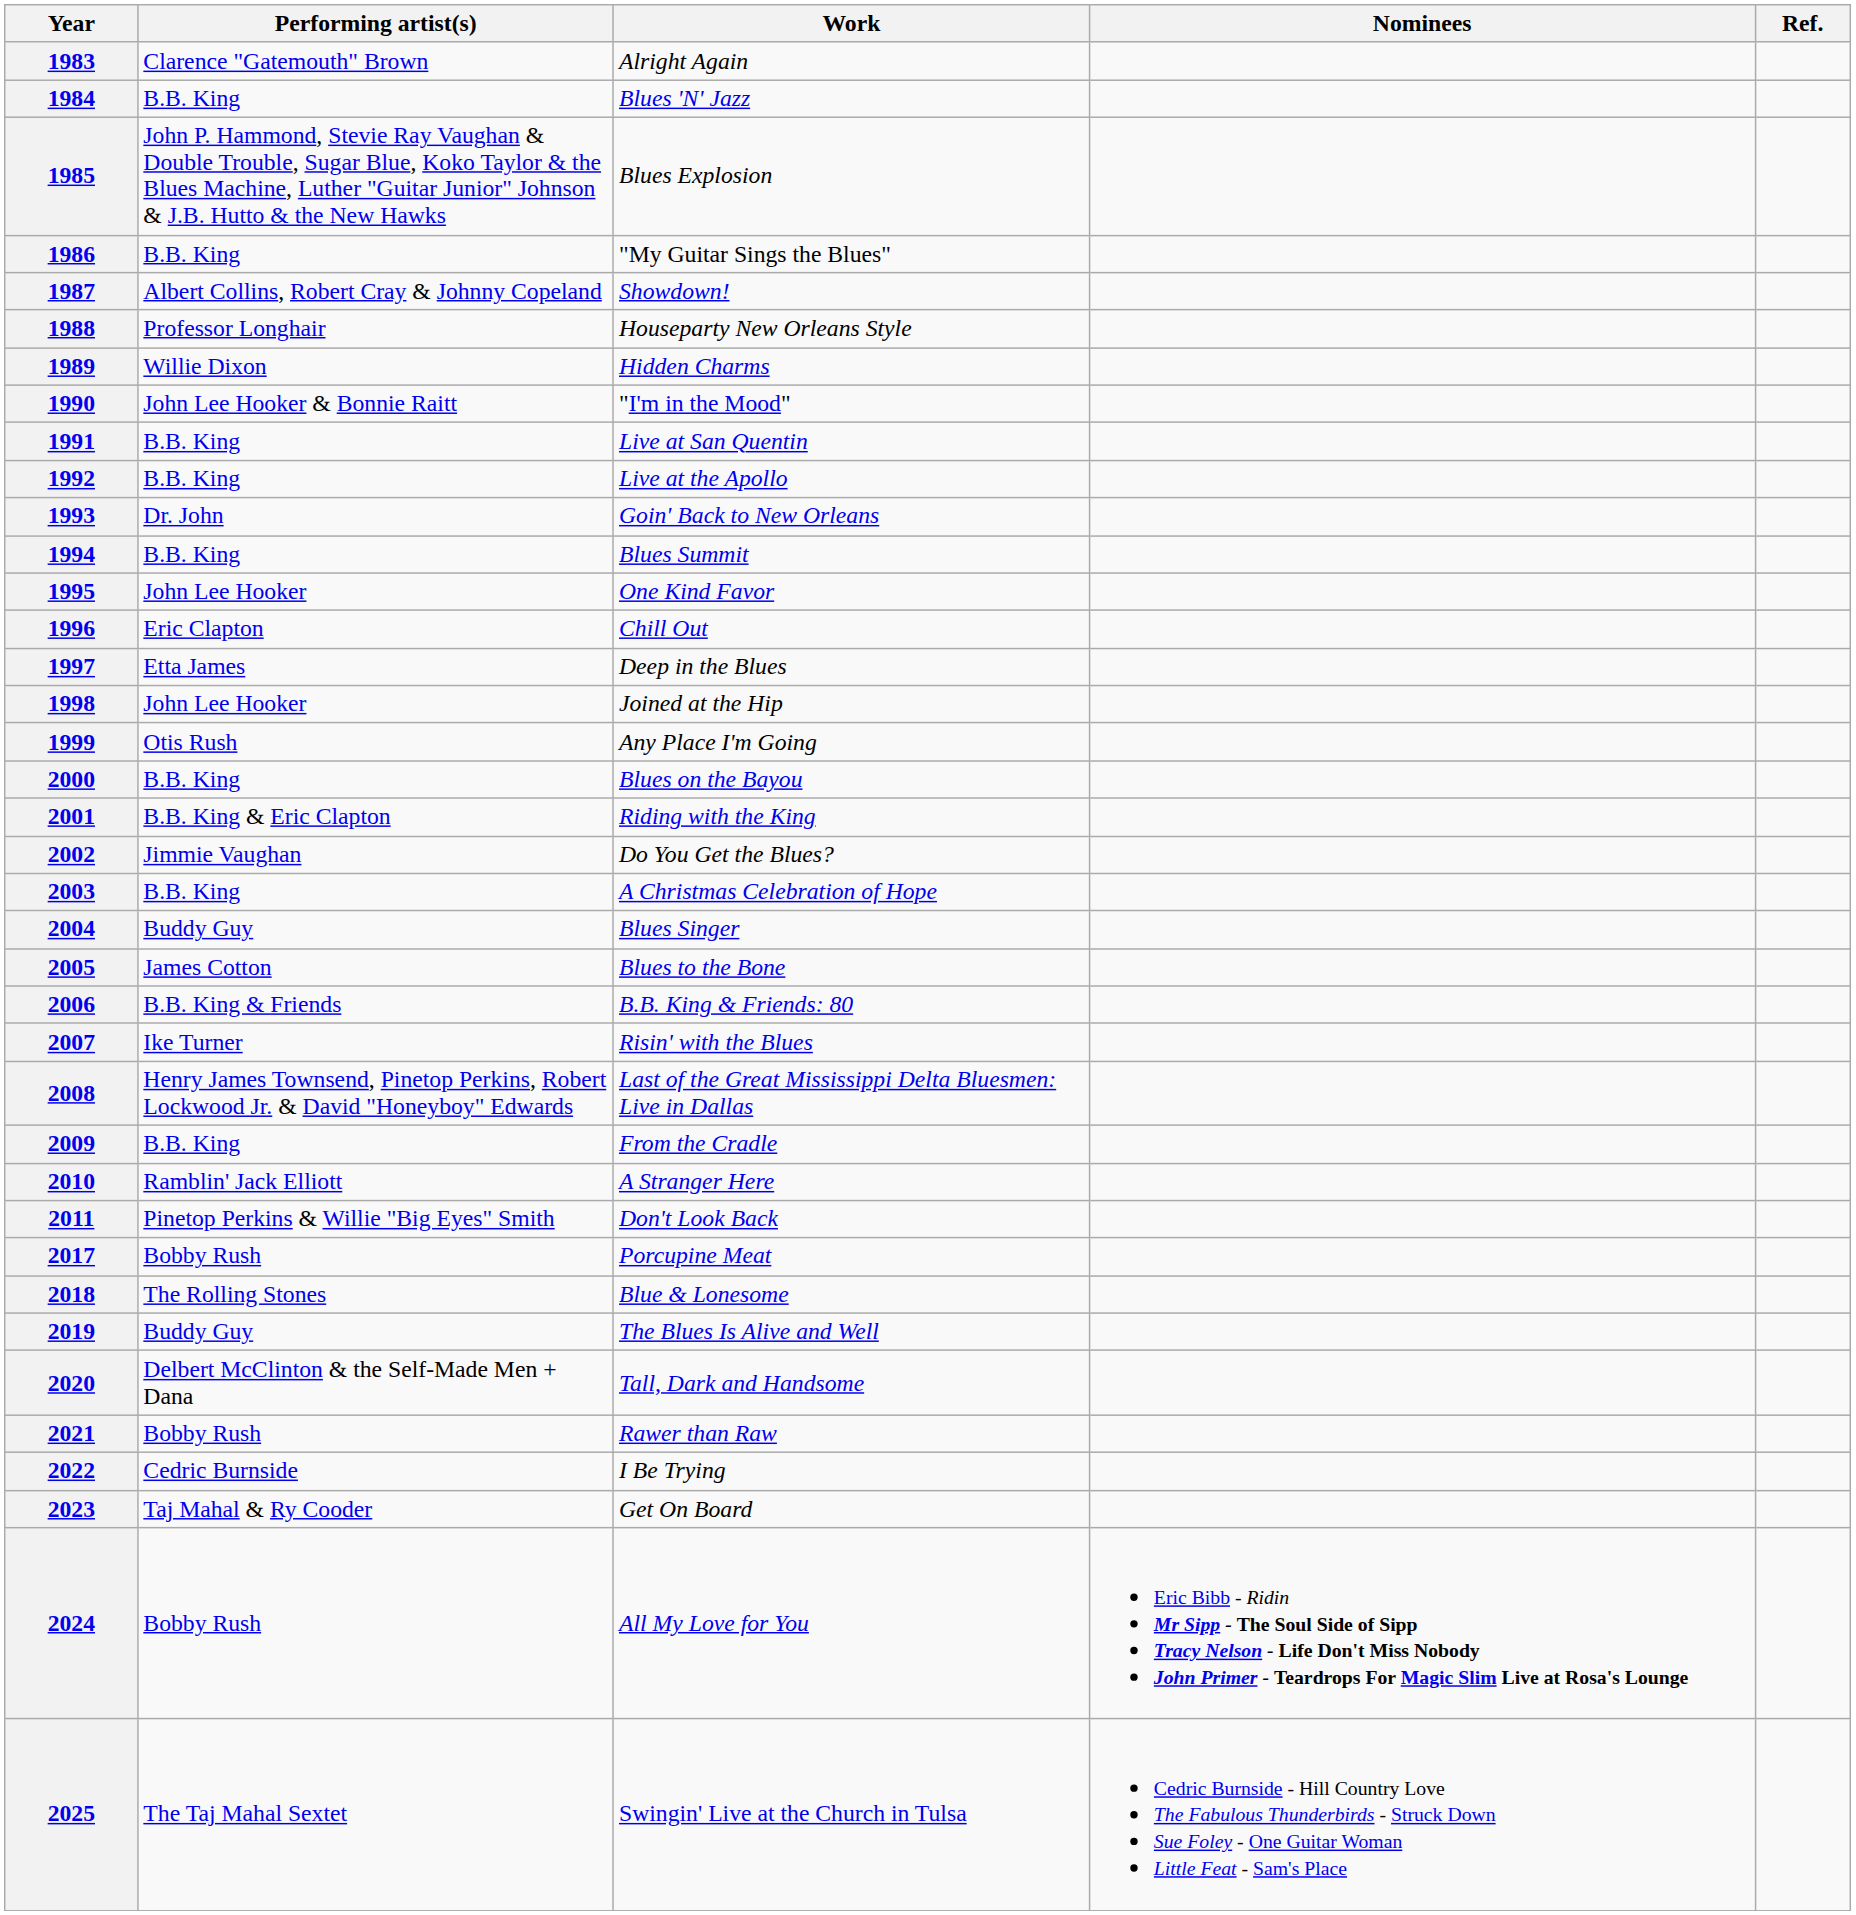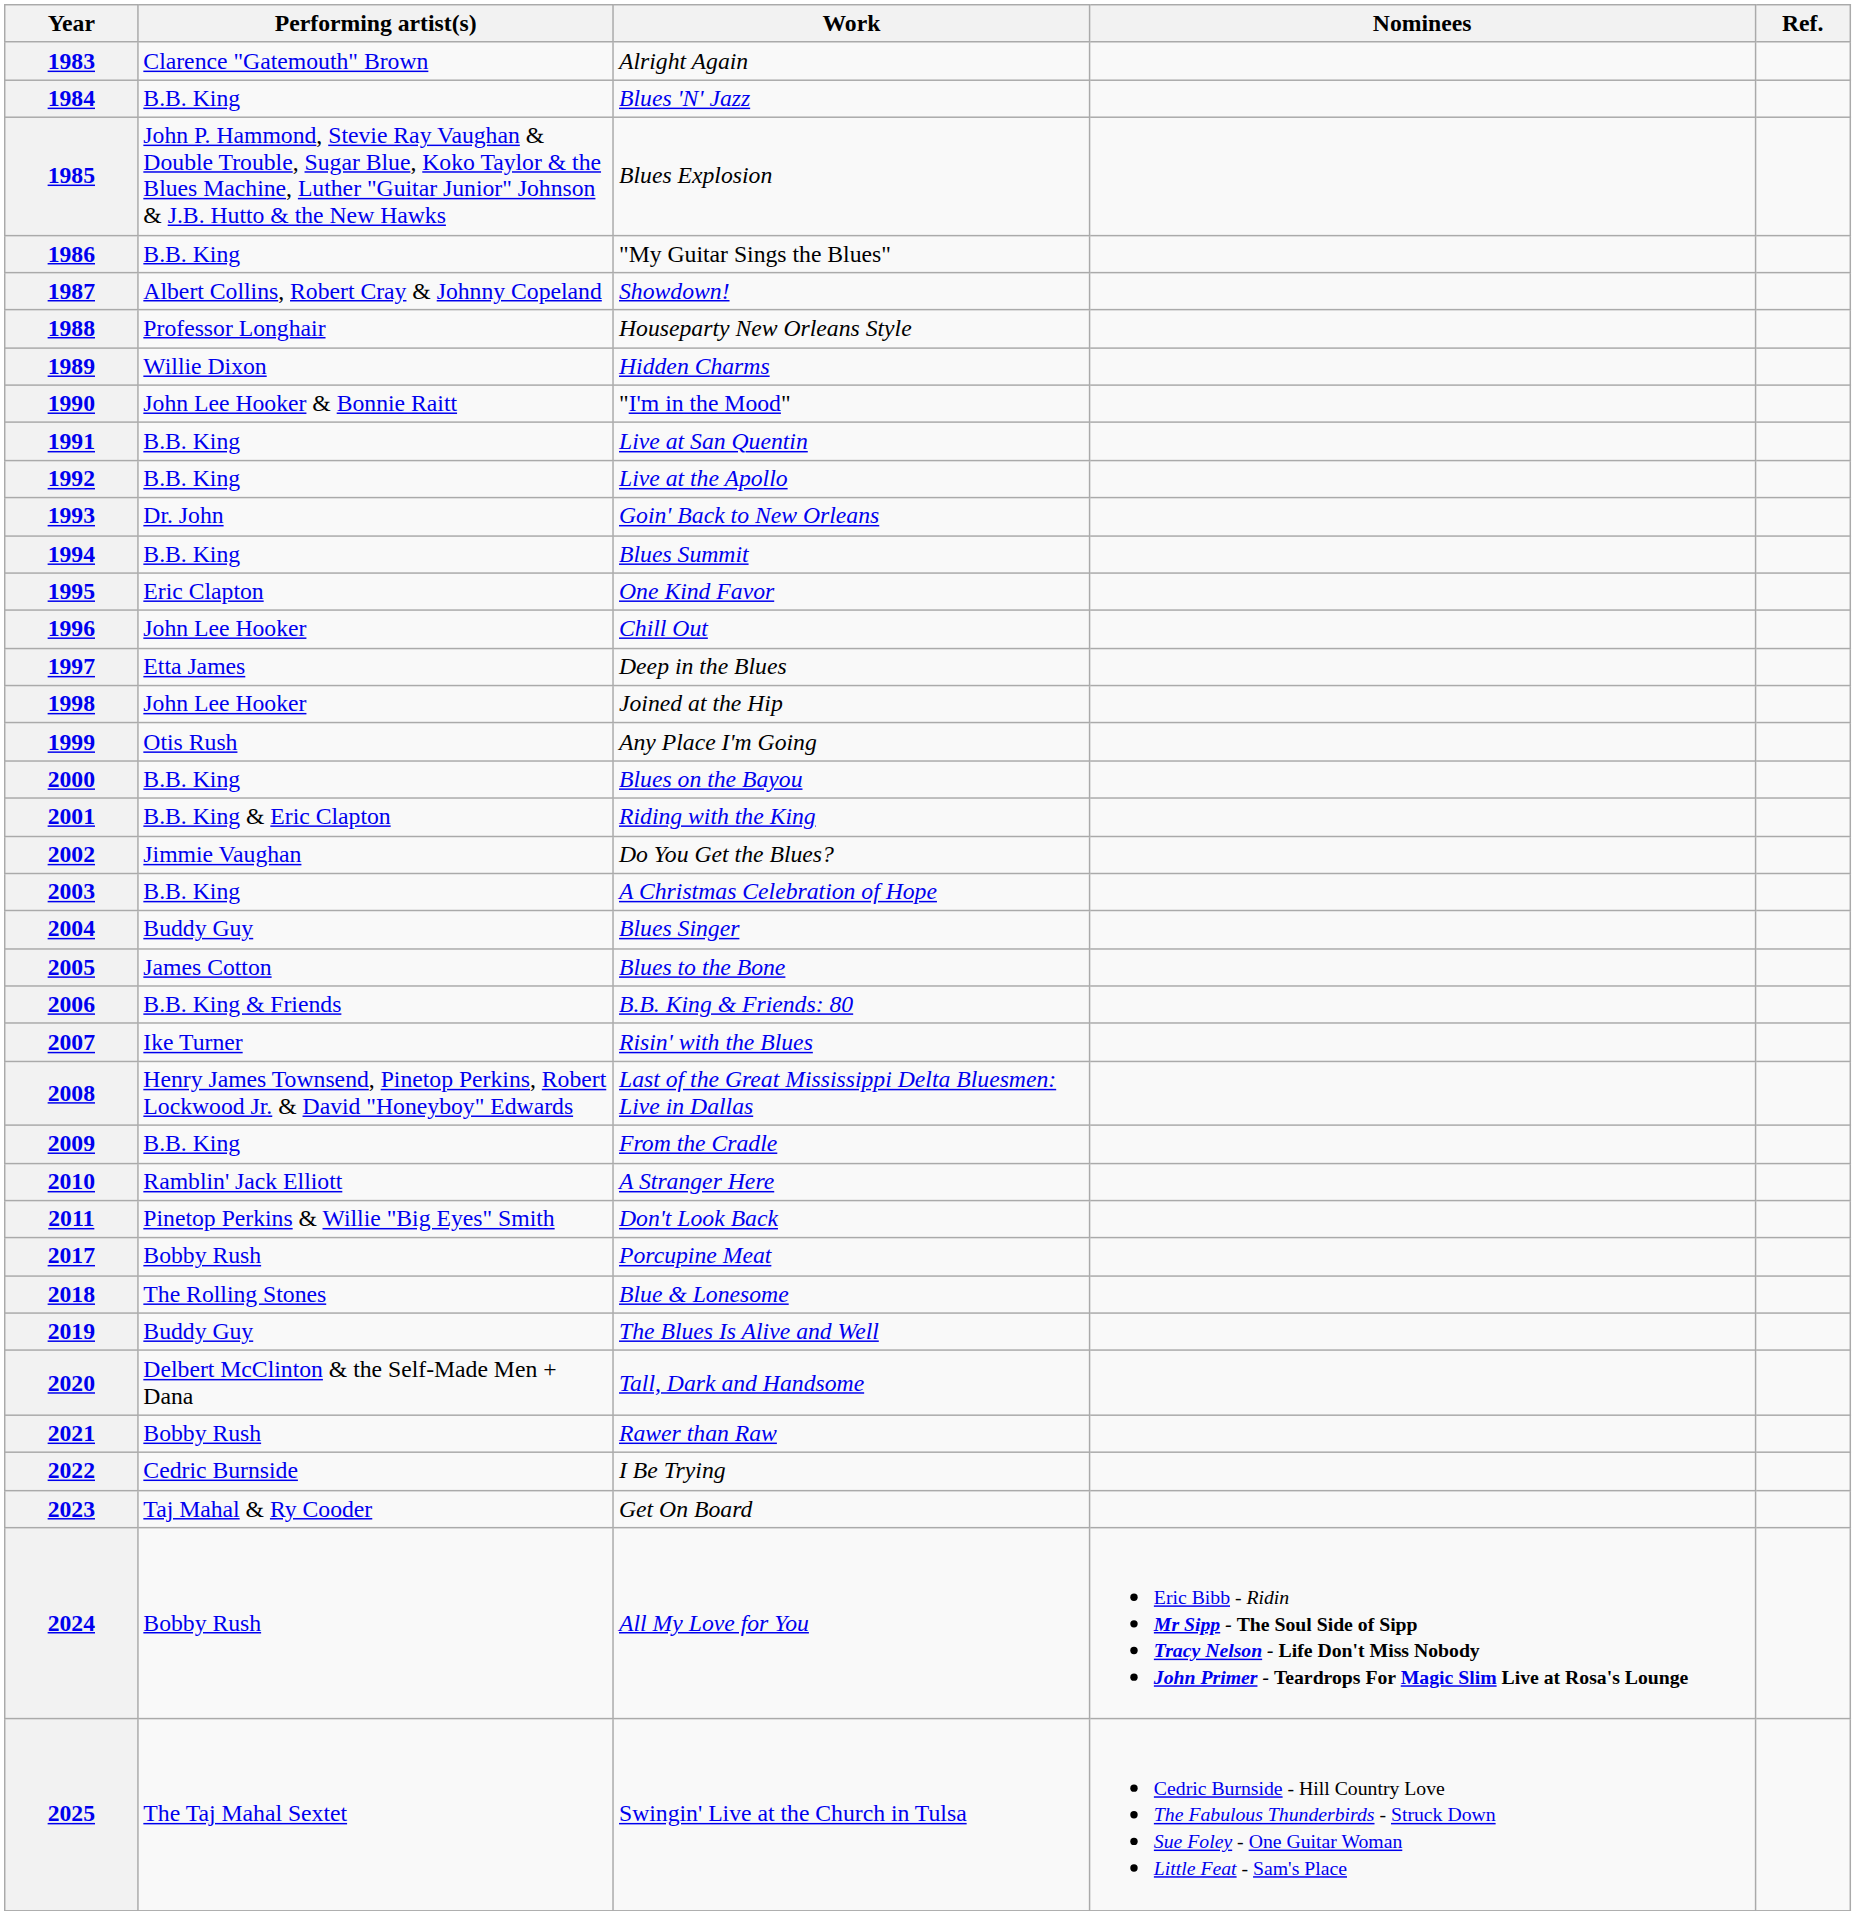 <table class="wikitable">
 <tr>
 <th width="7%">Year</th>
 <th width="25%">Performing artist(s)</th>
 <th width="25%">Work</th>
 <th width="35%" class=unsortable>Nominees</th>
 <th width="5%" class=unsortable>Ref.</th>
 </tr>
 <tr>
 <th scope="row" style="text-align:center;"><a href='#'>1983</a></th>
 <td><a href='#'>Clarence "Gatemouth" Brown</a></td>
 <td><em>Alright Again</em></td>
 <td></td>
 <td></td>
 </tr>
 <tr>
 <th scope="row" style="text-align:center;"><a href='#'>1984</a></th>
 <td><a href='#'>B.B. King</a></td>
 <td><em><a href='#'>Blues 'N' Jazz</a></em></td>
 <td></td>
 <td></td>
 </tr>
 <tr>
 <th scope="row" style="text-align:center;"><a href='#'>1985</a></th>
 <td><a href='#'>John P. Hammond</a>, <a href='#'>Stevie Ray Vaughan</a> & <a href='#'>Double Trouble</a>, <a href='#'>Sugar Blue</a>, <a href='#'>Koko Taylor & the Blues Machine</a>, <a href='#'>Luther "Guitar Junior" Johnson</a> & <a href='#'>J.B. Hutto & the New Hawks</a></td>
 <td><em>Blues Explosion</em></td>
 <td></td>
 <td></td>
 </tr>
 <tr>
 <th scope="row" style="text-align:center;"><a href='#'>1986</a></th>
 <td><a href='#'>B.B. King</a></td>
 <td>"My Guitar Sings the Blues"</td>
 <td></td>
 <td></td>
 </tr>
 <tr>
 <th scope="row" style="text-align:center;"><a href='#'>1987</a></th>
 <td><a href='#'>Albert Collins</a>, <a href='#'>Robert Cray</a> & <a href='#'>Johnny Copeland</a></td>
 <td><em><a href='#'>Showdown!</a></em></td>
 <td></td>
 <td></td>
 </tr>
 <tr>
 <th scope="row" style="text-align:center;"><a href='#'>1988</a></th>
 <td><a href='#'>Professor Longhair</a></td>
 <td><em>Houseparty New Orleans Style</em></td>
 <td></td>
 <td></td>
 </tr>
 <tr>
 <th scope="row" style="text-align:center;"><a href='#'>1989</a></th>
 <td><a href='#'>Willie Dixon</a></td>
 <td><em><a href='#'>Hidden Charms</a></em></td>
 <td></td>
 <td></td>
 </tr>
 <tr>
 <th scope="row" style="text-align:center;"><a href='#'>1990</a></th>
 <td><a href='#'>John Lee Hooker</a> & <a href='#'>Bonnie Raitt</a></td>
 <td>"<a href='#'>I'm in the Mood</a>"</td>
 <td></td>
 <td></td>
 </tr>
 <tr>
 <th scope="row" style="text-align:center;"><a href='#'>1991</a></th>
 <td><a href='#'>B.B. King</a></td>
 <td><em><a href='#'>Live at San Quentin</a></em></td>
 <td></td>
 <td></td>
 </tr>
 <tr>
 <th scope="row" style="text-align:center;"><a href='#'>1992</a></th>
 <td><a href='#'>B.B. King</a></td>
 <td><em><a href='#'>Live at the Apollo</a></em></td>
 <td></td>
 <td></td>
 </tr>
 <tr>
 <th scope="row" style="text-align:center;"><a href='#'>1993</a></th>
 <td><a href='#'>Dr. John</a></td>
 <td><em><a href='#'>Goin' Back to New Orleans</a></em></td>
 <td></td>
 <td></td>
 </tr>
 <tr>
 <th scope="row" style="text-align:center;"><a href='#'>1994</a></th>
 <td><a href='#'>B.B. King</a></td>
 <td><em><a href='#'>Blues Summit</a></em></td>
 <td></td>
 <td></td>
 </tr>
 <tr>
 <th scope="row" style="text-align:center;"><a href='#'>1995</a></th>
-<td><a href='#'>John Lee Hooker</a></td>
+<td><a href='#'>Eric Clapton</a></td>
 <td><em><a href='#'>One Kind Favor</a></em></td>
 <td></td>
 <td></td>
 </tr>
 <tr>
 <th scope="row" style="text-align:center;"><a href='#'>1996</a></th>
-<td><a href='#'>Eric Clapton</a></td>
+<td><a href='#'>John Lee Hooker</a></td>
 <td><em><a href='#'>Chill Out</a></em></td>
 <td></td>
 <td></td>
 </tr>
 <tr>
 <th scope="row" style="text-align:center;"><a href='#'>1997</a></th>
 <td><a href='#'>Etta James</a></td>
 <td><em>Deep in the Blues</em></td>
 <td></td>
 <td></td>
 </tr>
 <tr>
 <th scope="row" style="text-align:center;"><a href='#'>1998</a></th>
 <td><a href='#'>John Lee Hooker</a></td>
 <td><em>Joined at the Hip</em></td>
 <td></td>
 <td></td>
 </tr>
 <tr>
 <th scope="row" style="text-align:center;"><a href='#'>1999</a></th>
 <td><a href='#'>Otis Rush</a></td>
 <td><em>Any Place I'm Going</em></td>
 <td></td>
 <td></td>
 </tr>
 <tr>
 <th scope="row" style="text-align:center;"><a href='#'>2000</a></th>
 <td><a href='#'>B.B. King</a></td>
 <td><em><a href='#'>Blues on the Bayou</a></em></td>
 <td></td>
 <td></td>
 </tr>
 <tr>
 <th scope="row" style="text-align:center;"><a href='#'>2001</a></th>
 <td><a href='#'>B.B. King</a> & <a href='#'>Eric Clapton</a></td>
 <td><em><a href='#'>Riding with the King</a></em></td>
 <td></td>
 <td></td>
 </tr>
 <tr>
 <th scope="row" style="text-align:center;"><a href='#'>2002</a></th>
 <td><a href='#'>Jimmie Vaughan</a></td>
 <td><em>Do You Get the Blues?</em></td>
 <td></td>
 <td></td>
 </tr>
 <tr>
 <th scope="row" style="text-align:center;"><a href='#'>2003</a></th>
 <td><a href='#'>B.B. King</a></td>
 <td><em><a href='#'>A Christmas Celebration of Hope</a></em></td>
 <td></td>
 <td></td>
 </tr>
 <tr>
 <th scope="row" style="text-align:center;"><a href='#'>2004</a></th>
 <td><a href='#'>Buddy Guy</a></td>
 <td><em><a href='#'>Blues Singer</a></em></td>
 <td></td>
 <td></td>
 </tr>
 <tr>
 <th scope="row" style="text-align:center;"><a href='#'>2005</a></th>
 <td><a href='#'>James Cotton</a></td>
 <td><em><a href='#'>Blues to the Bone</a></em></td>
 <td></td>
 <td></td>
 </tr>
 <tr>
 <th scope="row" style="text-align:center;"><a href='#'>2006</a></th>
 <td><a href='#'>B.B. King & Friends</a></td>
 <td><em><a href='#'>B.B. King & Friends: 80</a></em></td>
 <td></td>
 <td></td>
 </tr>
 <tr>
 <th scope="row" style="text-align:center;"><a href='#'>2007</a></th>
 <td><a href='#'>Ike Turner</a></td>
 <td><em><a href='#'>Risin' with the Blues</a></em></td>
 <td></td>
 <td></td>
 </tr>
 <tr>
 <th scope="row" style="text-align:center;"><a href='#'>2008</a></th>
 <td><a href='#'>Henry James Townsend</a>, <a href='#'>Pinetop Perkins</a>, <a href='#'>Robert Lockwood Jr.</a> & <a href='#'>David "Honeyboy" Edwards</a></td>
 <td><em><a href='#'>Last of the Great Mississippi Delta Bluesmen: Live in Dallas</a></em></td>
 <td></td>
 <td></td>
 </tr>
 <tr>
 <th scope="row" style="text-align:center;"><a href='#'>2009</a></th>
 <td><a href='#'>B.B. King</a></td>
 <td><em><a href='#'>From the Cradle</a></em></td>
 <td></td>
 <td></td>
 </tr>
 <tr>
 <th scope="row" style="text-align:center;"><a href='#'>2010</a></th>
 <td><a href='#'>Ramblin' Jack Elliott</a></td>
 <td><em><a href='#'>A Stranger Here</a></em></td>
 <td></td>
 <td></td>
 </tr>
 <tr>
 <th scope="row" style="text-align:center;"><a href='#'>2011</a></th>
 <td><a href='#'>Pinetop Perkins</a> & <a href='#'>Willie "Big Eyes" Smith</a></td>
 <td><em><a href='#'>Don't Look Back</a></em></td>
 <td></td>
 <td></td>
 </tr>
 <tr>
 <th scope="row" style="text-align:center;"><a href='#'>2017</a></th>
 <td><a href='#'>Bobby Rush</a></td>
 <td><em><a href='#'>Porcupine Meat</a></em></td>
 <td></td>
 <td></td>
 </tr>
 <tr>
 <th scope="row" style="text-align:center;"><a href='#'>2018</a></th>
 <td><a href='#'>The Rolling Stones</a></td>
 <td><em><a href='#'>Blue & Lonesome</a></em></td>
 <td></td>
 <td></td>
 </tr>
 <tr>
 <th scope="row" style="text-align:center;"><a href='#'>2019</a></th>
 <td><a href='#'>Buddy Guy</a></td>
 <td><em><a href='#'>The Blues Is Alive and Well</a></em></td>
 <td></td>
 <td></td>
 </tr>
 <tr>
 <th scope="row" style="text-align:center;"><a href='#'>2020</a></th>
 <td><a href='#'>Delbert McClinton</a> & the Self-Made Men + Dana</td>
 <td><em><a href='#'>Tall, Dark and Handsome</a></em></td>
 <td></td>
 <td></td>
 </tr>
 <tr>
 <th scope="row" style="text-align:center;"><a href='#'>2021</a></th>
 <td><a href='#'>Bobby Rush</a></td>
 <td><em><a href='#'>Rawer than Raw</a></em></td>
 <td></td>
 <td></td>
 </tr>
 <tr>
 <th scope="row" style="text-align:center;"><a href='#'>2022</a></th>
 <td><a href='#'>Cedric Burnside</a></td>
 <td><em>I Be Trying</em></td>
 <td></td>
 <td></td>
 </tr>
 <tr>
 <th scope="row" style="text-align:center;"><a href='#'>2023</a></th>
 <td><a href='#'>Taj Mahal</a> & <a href='#'>Ry Cooder</a></td>
 <td><em>Get On Board</em></td>
 <td></td>
 <td></td>
 </tr>
 <tr>
 <th><a href='#'>2024</a></th>
 <td><a href='#'>Bobby Rush</a></td>
 <td><em><a href='#'>All My Love for You</a></em></td>
 <td><br><ul><li><small><a href='#'>Eric Bibb</a> - <em>Ridin<strong></small></li><li><small><a href='#'>Mr Sipp</a> - </em>The Soul Side of Sipp<em></small></li><li><small><a href='#'>Tracy Nelson</a> - </em>Life Don't Miss Nobody<em></small></li><li><small><a href='#'>John Primer</a> - </em>Teardrops For <a href='#'>Magic Slim</a> Live at Rosa's Lounge<em></small></li></ul></td>
 <td></td>
 </tr>
 <tr>
 <th><a href='#'>2025</a></th>
 <td><a href='#'>The Taj Mahal Sextet</a></td>
 <td></em><a href='#'>Swingin' Live at the Church in Tulsa</a><em></td>
 <td><br><ul><li><small><a href='#'>Cedric Burnside</a> - </em>Hill Country Love<em></small></li><li><small><a href='#'>The Fabulous Thunderbirds</a> - </em><a href='#'>Struck Down</a><em></small></li><li><small><a href='#'>Sue Foley</a> - </em><a href='#'>One Guitar Woman</a><em></small></li><li><small><a href='#'>Little Feat</a> - </em><a href='#'>Sam's Place</a><em></small></li></ul></td>
 <td></td>
 </tr>
 <tr>
 </tr>
 </table>
